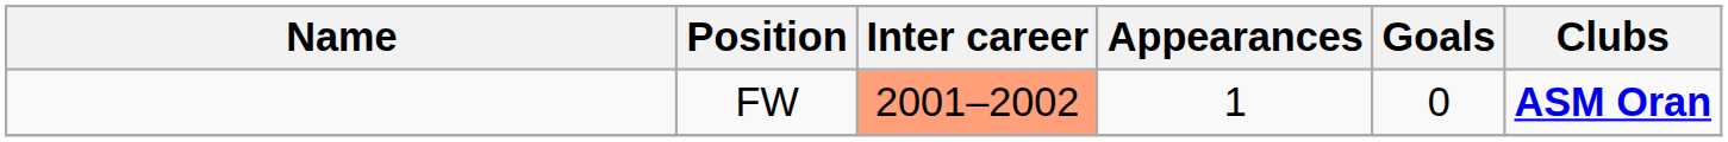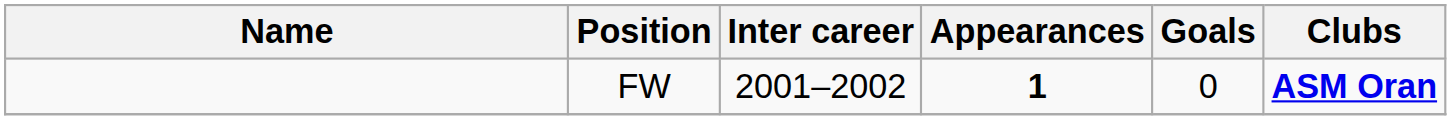 <table class="wikitable sortable" style="text-align: center;">
 <tr>
 <th style="width:16em">Name</th>
 <th>Position</th>
 <th>Inter career</th>
 <th>Appearances</th>
 <th>Goals</th>
 <th>Clubs</th>
 </tr>
 <tr>
 <td align="left"></td>
 <td>FW</td>
-<td style="background: lightsalmon;">2001–2002</td>
-<td>1</td>
+<td>2001–2002</td>
+<td><strong>1</strong></td>
 <td>0</td>
 <td><strong><a href='#'>ASM Oran</a></strong></td>
 </tr>
 <tr>
 </tr>
 </table>
